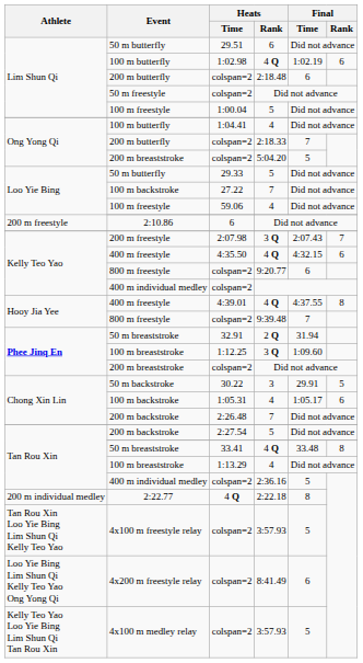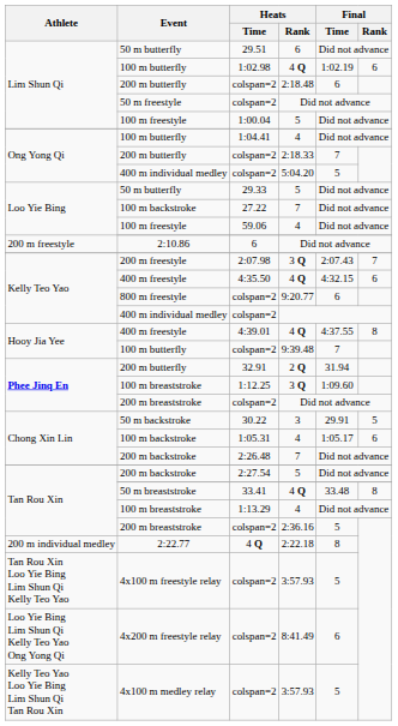 <table class="wikitable" style="font-size:90%">
 <tr>
 <th rowspan="2">Athlete</th>
 <th rowspan="2">Event</th>
 <th colspan="2">Heats</th>
 <th colspan="2">Final</th>
 </tr>
 <tr>
 <th>Time</th>
 <th>Rank</th>
 <th>Time</th>
 <th>Rank</th>
 </tr>
 <tr align="center">
 <td align="left" rowspan=5>Lim Shun Qi</td>
 <td align="left">50 m butterfly</td>
 <td>29.51</td>
 <td>6</td>
 <td colspan=2>Did not advance</td>
 </tr>
 <tr align="center">
 <td align="left">100 m butterfly</td>
 <td>1:02.98</td>
 <td>4 <strong>Q</strong></td>
 <td>1:02.19</td>
 <td>6</td>
 </tr>
 <tr align="center">
 <td align="left">200 m butterfly</td>
 <td>colspan=2 </td>
 <td>2:18.48</td>
 <td>6</td>
 </tr>
 <tr align="center">
 <td align="left">50 m freestyle</td>
 <td>colspan=2 </td>
 <td colspan="4">Did not advance</td>
 </tr>
 <tr align="center">
 <td align="left">100 m freestyle</td>
 <td>1:00.04</td>
 <td>5</td>
 <td colspan="4">Did not advance</td>
 </tr>
 <tr align="center">
 </tr>
 <tr align="center">
 <td align="left" rowspan=3>Ong Yong Qi</td>
 <td align="left">100 m butterfly</td>
 <td>1:04.41</td>
 <td>4</td>
 <td colspan="4">Did not advance</td>
 </tr>
 <tr align="center">
 <td align="left">200 m butterfly</td>
 <td>colspan=2 </td>
 <td>2:18.33</td>
 <td>7</td>
 </tr>
 <tr align="center">
-<td align="left">200 m breaststroke</td>
+<td align="left">400 m individual medley</td>
 <td>colspan=2 </td>
 <td>5:04.20</td>
 <td>5</td>
 </tr>
 <tr align="center">
 <td align="left" rowspan=4>Loo Yie Bing</td>
 <td align="left">50 m butterfly</td>
 <td>29.33</td>
 <td>5</td>
 <td colspan=2>Did not advance</td>
 </tr>
 <tr align="center">
 <td align="left">100 m backstroke</td>
 <td>27.22</td>
 <td>7</td>
 <td colspan="4">Did not advance</td>
 </tr>
 <tr align="center">
 <td align="left">100 m freestyle</td>
 <td>59.06</td>
 <td>4</td>
 <td colspan="4">Did not advance</td>
 </tr>
 <tr align="center">
 </tr>
 <tr align="center">
 <td align="left">200 m freestyle</td>
 <td>2:10.86</td>
 <td>6</td>
 <td colspan="4">Did not advance</td>
 </tr>
 <tr align="center">
 </tr>
 <tr align="center">
 <td align="left" rowspan=4>Kelly Teo Yao</td>
 <td align="left">200 m freestyle</td>
 <td>2:07.98</td>
 <td>3 <strong>Q</strong></td>
 <td>2:07.43</td>
 <td>7</td>
 </tr>
 <tr align="center">
 <td align="left">400 m freestyle</td>
 <td>4:35.50</td>
 <td>4 <strong>Q</strong></td>
 <td>4:32.15</td>
 <td>6</td>
 </tr>
 <tr align="center">
 <td align="left">800 m freestyle</td>
 <td>colspan=2 </td>
 <td>9:20.77</td>
 <td>6</td>
 </tr>
 <tr align="center">
 <td align="left">400 m individual medley</td>
 <td>colspan=2 </td>
 <td colspan="4"></td>
 </tr>
 <tr align="center">
 <td align="left" rowspan=2>Hooy Jia Yee</td>
 <td align="left">400 m freestyle</td>
 <td>4:39.01</td>
 <td>4 <strong>Q</strong></td>
 <td>4:37.55</td>
 <td>8</td>
 </tr>
 <tr align="center">
-<td align="left">800 m freestyle</td>
+<td align="left">100 m butterfly</td>
 <td>colspan=2 </td>
 <td>9:39.48</td>
 <td>7</td>
 </tr>
 <tr align="center">
 <td align="left" rowspan=3><strong><a href='#'>Phee Jinq En</a></strong></td>
-<td align="left">50 m breaststroke</td>
+<td align="left">200 m butterfly</td>
 <td>32.91</td>
 <td>2 <strong>Q</strong></td>
 <td>31.94</td>
 <td></td>
 </tr>
 <tr align="center">
 <td align="left">100 m breaststroke</td>
 <td>1:12.25</td>
 <td>3 <strong>Q</strong></td>
 <td>1:09.60</td>
 <td></td>
 </tr>
 <tr align="center">
 <td align="left">200 m breaststroke</td>
 <td>colspan=2 </td>
 <td colspan="4">Did not advance</td>
 </tr>
 <tr align="center">
 <td align="left" rowspan=3>Chong Xin Lin</td>
 <td align="left">50 m backstroke</td>
 <td>30.22</td>
 <td>3</td>
 <td>29.91</td>
 <td>5</td>
 </tr>
 <tr align="center">
 <td align="left">100 m backstroke</td>
 <td>1:05.31</td>
 <td>4</td>
 <td>1:05.17</td>
 <td>6</td>
 </tr>
 <tr align="center">
 <td align="left">200 m backstroke</td>
 <td>2:26.48</td>
 <td>7</td>
 <td colspan="4">Did not advance</td>
 </tr>
 <tr align=center>
 </tr>
 <tr align="center">
 <td align="left" rowspan=5>Tan Rou Xin</td>
 <td align="left">200 m backstroke</td>
 <td>2:27.54</td>
 <td>5</td>
 <td colspan="4">Did not advance</td>
 </tr>
 <tr align=center>
 </tr>
 <tr align="center">
 <td align="left">50 m breaststroke</td>
 <td>33.41</td>
 <td>4 <strong>Q</strong></td>
 <td>33.48</td>
 <td>8</td>
 </tr>
 <tr align="center">
 <td align="left">100 m breaststroke</td>
 <td>1:13.29</td>
 <td>4</td>
 <td colspan=2>Did not advance</td>
 </tr>
 <tr align="center">
-<td align="left">400 m individual medley</td>
+<td align="left">200 m breaststroke</td>
 <td>colspan=2 </td>
 <td>2:36.16</td>
 <td>5</td>
 </tr>
 <tr align="center">
 <td align="left">200 m individual medley</td>
 <td>2:22.77</td>
 <td>4 <strong>Q</strong></td>
 <td>2:22.18</td>
 <td>8</td>
 </tr>
 <tr align="center">
 <td align="left">Tan Rou Xin<br>Loo Yie Bing<br>Lim Shun Qi<br>Kelly Teo Yao</td>
 <td align="left">4x100 m freestyle relay</td>
 <td>colspan=2 </td>
 <td>3:57.93</td>
 <td>5</td>
 </tr>
 <tr align="center">
 <td align="left">Loo Yie Bing<br>Lim Shun Qi<br>Kelly Teo Yao<br>Ong Yong Qi</td>
 <td align="left">4x200 m freestyle relay</td>
 <td>colspan=2 </td>
 <td>8:41.49</td>
 <td>6</td>
 </tr>
 <tr align="center">
 <td align="left">Kelly Teo Yao<br>Loo Yie Bing<br>Lim Shun Qi<br>Tan Rou Xin</td>
 <td align="left">4x100 m medley relay</td>
 <td>colspan=2 </td>
 <td>3:57.93</td>
 <td>5</td>
 </tr>
 </table>
